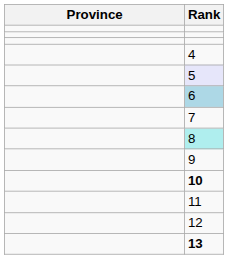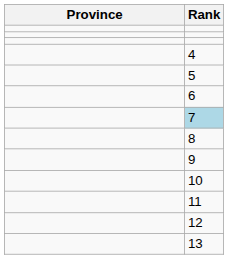 <table class="wikitable">
 <tr>
 <th width=210>Province</th>
 <th width=15>Rank</th>
 </tr>
 <tr>
 <td></td>
 <td></td>
 </tr>
 <tr>
 <td></td>
 <td></td>
 </tr>
 <tr>
 <td></td>
 <td></td>
 </tr>
 <tr>
 <td></td>
 <td>4</td>
 </tr>
 <tr>
 <td></td>
-<td style="background: lavender;">5</td>
+<td>5</td>
 </tr>
 <tr>
 <td></td>
-<td style="background: lightblue;">6</td>
+<td>6</td>
 </tr>
 <tr>
 <td></td>
-<td>7</td>
+<td style="background: lightblue;">7</td>
 </tr>
 <tr>
 <td></td>
-<td style="background: paleturquoise;">8</td>
+<td>8</td>
 </tr>
 <tr>
 <td></td>
 <td>9</td>
 </tr>
 <tr>
 <td></td>
-<td><strong>10</strong></td>
+<td>10</td>
 </tr>
 <tr>
 <td></td>
 <td>11</td>
 </tr>
 <tr>
 <td></td>
 <td>12</td>
 </tr>
 <tr>
 <td></td>
-<td><strong>13</strong></td>
+<td>13</td>
 </tr>
 </table>
